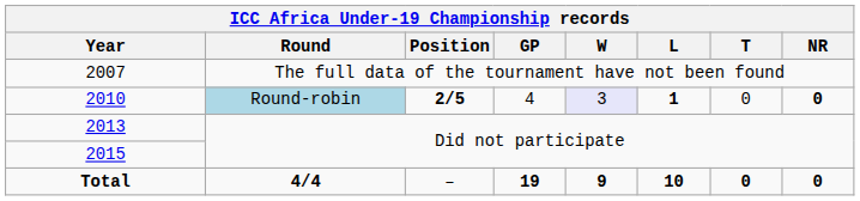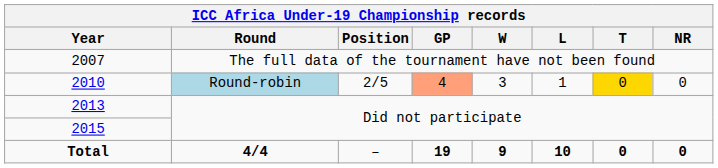 <table class="wikitable" style="text-align: center; width=900px;">
 <tr>
 <th colspan=9><a href='#'>ICC Africa Under-19 Championship</a> records</th>
 </tr>
 <tr>
 <th width=150>Year</th>
 <th width=150>Round</th>
 <th width=50>Position</th>
 <th width=50>GP</th>
 <th width=50>W</th>
 <th width=50>L</th>
 <th width=50>T</th>
 <th width=50>NR</th>
 </tr>
 <tr>
 <td> 2007</td>
 <td colspan=8>The full data of the tournament have not been found</td>
 </tr>
 <tr>
 <td> <a href='#'>2010</a></td>
 <td style="background: lightblue;">Round-robin</td>
-<td><strong>2/5</strong></td>
-<td>4</td>
-<td style="background: lavender;">3</td>
-<td><strong>1</strong></td>
+<td>2/5</td>
+<td style="background: lightsalmon;">4</td>
+<td>3</td>
+<td>1</td>
+<td style="background: gold;">0</td>
 <td>0</td>
-<td><strong>0</strong></td>
 </tr>
 <tr>
 <td> <a href='#'>2013</a></td>
 <td colspan=8 rowspan=2>Did not participate</td>
 </tr>
 <tr>
 <td> <a href='#'>2015</a></td>
 </tr>
 <tr>
 <td><strong>Total</strong></td>
 <td><strong>4/4</strong></td>
 <td>–</td>
 <td><strong>19</strong></td>
 <td><strong>9</strong></td>
 <td><strong>10</strong></td>
 <td><strong>0</strong></td>
 <td><strong>0</strong></td>
 </tr>
 </table>
